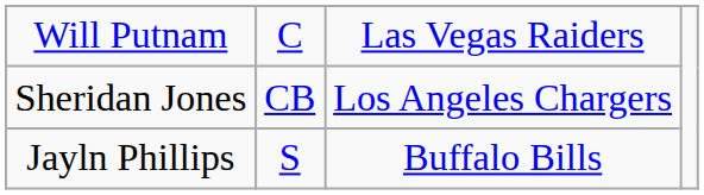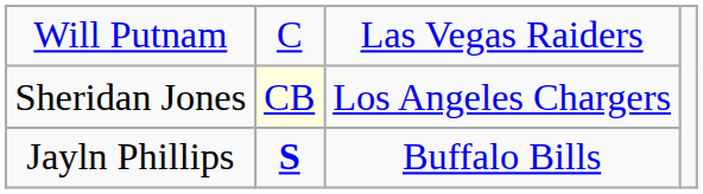 <table class="wikitable" style="text-align:center">
 <tr>
 <td><a href='#'>Will Putnam</a></td>
 <td><a href='#'>C</a></td>
 <td><a href='#'>Las Vegas Raiders</a></td>
 <td rowspan=3></td>
 </tr>
 <tr>
 <td>Sheridan Jones</td>
-<td><a href='#'>CB</a></td>
+<td style="background: lightyellow;"><a href='#'>CB</a></td>
 <td><a href='#'>Los Angeles Chargers</a></td>
 </tr>
 <tr>
 <td>Jayln Phillips</td>
-<td><a href='#'>S</a></td>
+<td><strong><a href='#'>S</a></strong></td>
 <td><a href='#'>Buffalo Bills</a></td>
 </tr>
 </table>
